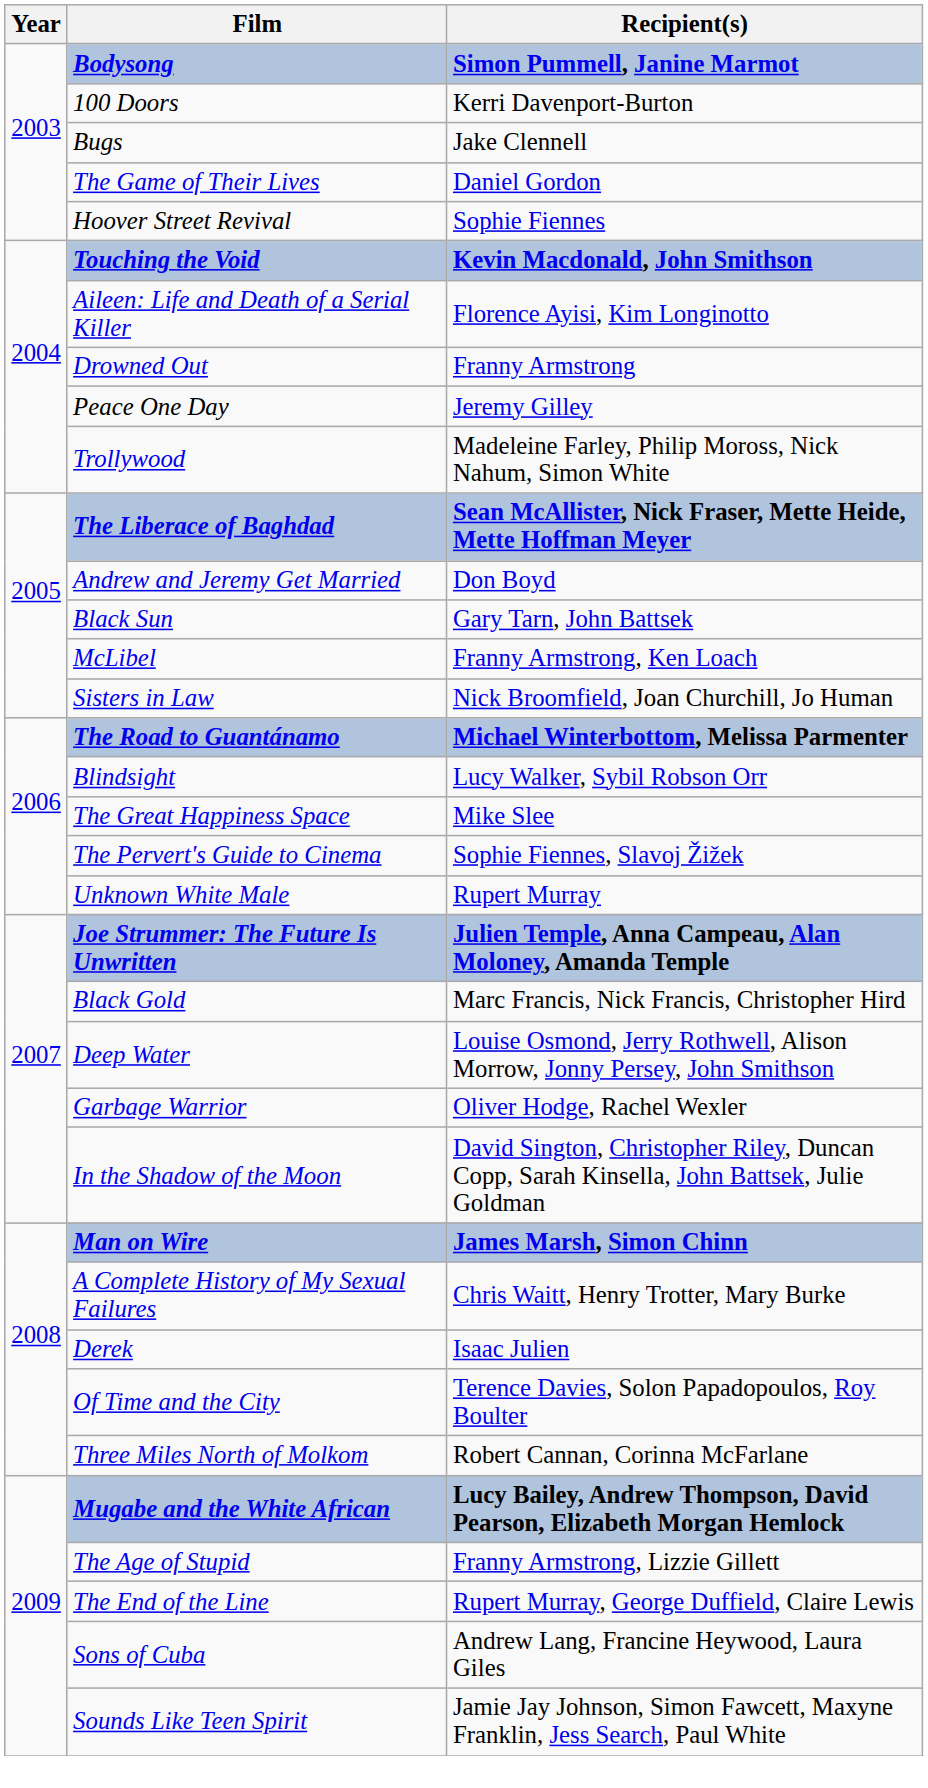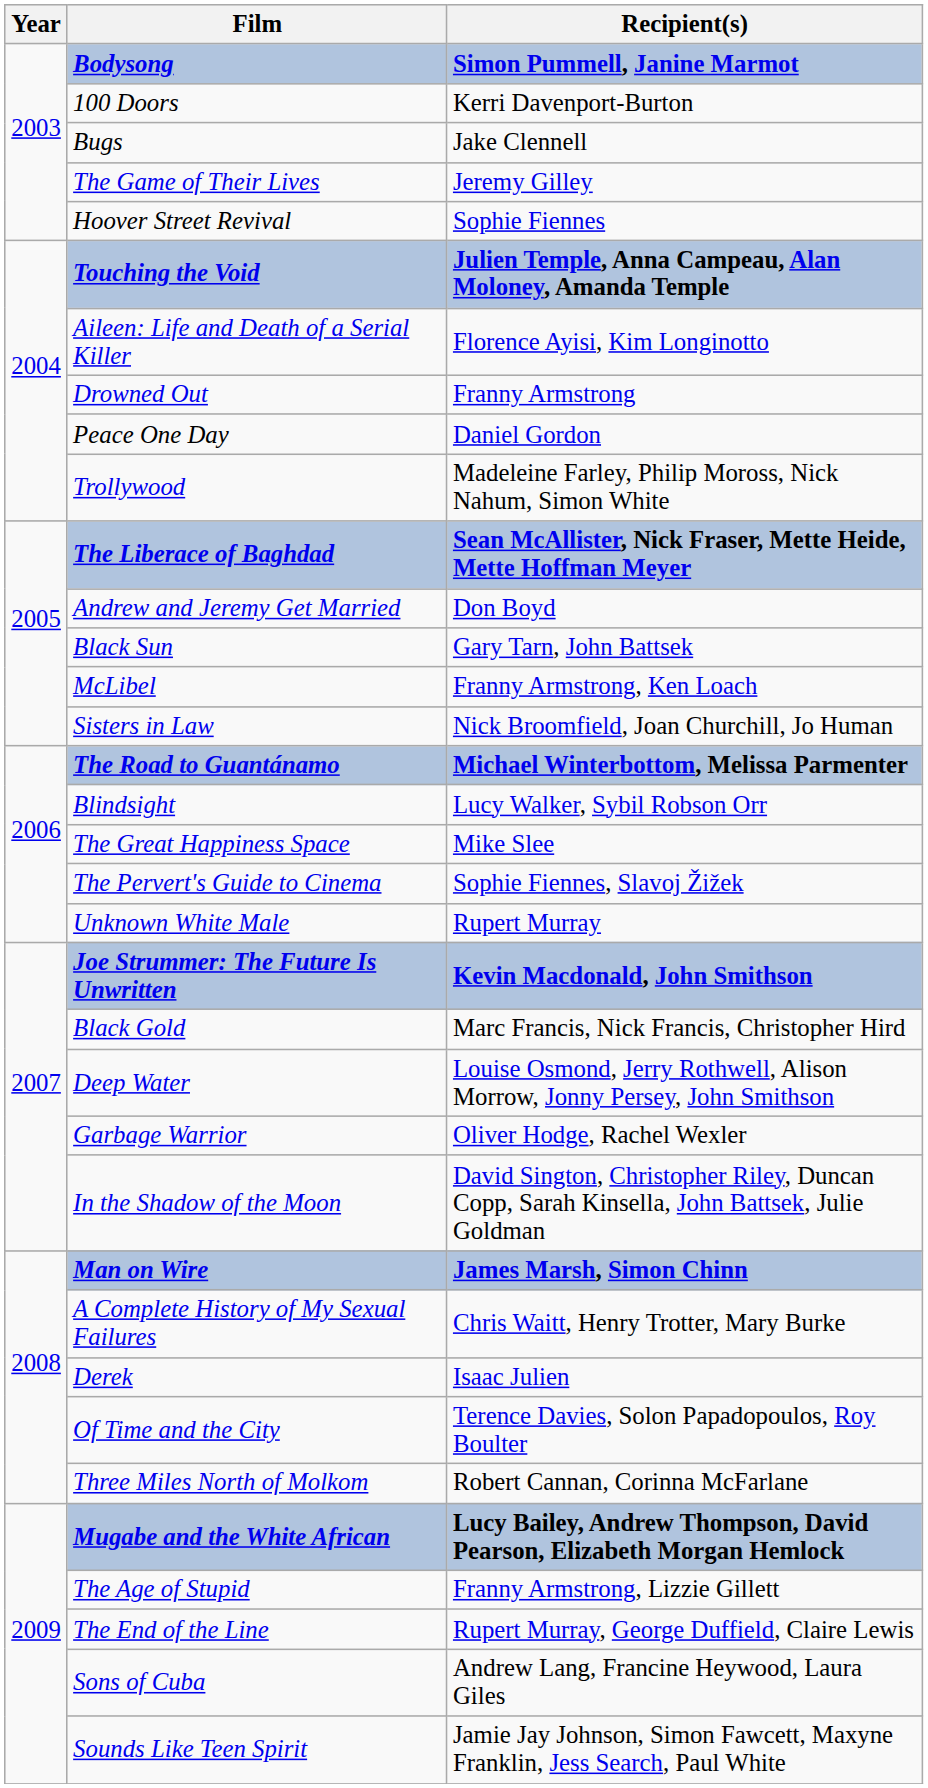 <table class="wikitable" width="95%" cellpadding="5">
 <tr>
 <th width="5%">Year</th>
 <th width="40%">Film</th>
 <th width="50%">Recipient(s)</th>
 </tr>
 <tr>
 <td rowspan="5" style="text-align:center;"><a href='#'>2003</a><br><br></td>
 <td style="background:#B0C4DE"><strong><em><a href='#'>Bodysong</a></em></strong></td>
 <td style="background:#B0C4DE"><strong><a href='#'>Simon Pummell</a>, <a href='#'>Janine Marmot</a></strong></td>
 </tr>
 <tr>
 <td><em>100 Doors</em></td>
 <td>Kerri Davenport-Burton</td>
 </tr>
 <tr>
 <td><em>Bugs</em></td>
 <td>Jake Clennell</td>
 </tr>
 <tr>
 <td><em><a href='#'>The Game of Their Lives</a></em></td>
-<td><a href='#'>Daniel Gordon</a></td>
+<td><a href='#'>Jeremy Gilley</a></td>
 </tr>
 <tr>
 <td><em>Hoover Street Revival</em></td>
 <td><a href='#'>Sophie Fiennes</a></td>
 </tr>
 <tr>
 <td rowspan="5" style="text-align:center;"><a href='#'>2004</a><br><br></td>
 <td style="background:#B0C4DE"><strong><em><a href='#'>Touching the Void</a></em></strong></td>
-<td style="background:#B0C4DE"><strong><a href='#'>Kevin Macdonald</a>, <a href='#'>John Smithson</a></strong></td>
+<td style="background:#B0C4DE"><strong><a href='#'>Julien Temple</a>, Anna Campeau, <a href='#'>Alan Moloney</a>, Amanda Temple</strong></td>
 </tr>
 <tr>
 <td><em><a href='#'>Aileen: Life and Death of a Serial Killer</a></em></td>
 <td><a href='#'>Florence Ayisi</a>, <a href='#'>Kim Longinotto</a></td>
 </tr>
 <tr>
 <td><em><a href='#'>Drowned Out</a></em></td>
 <td><a href='#'>Franny Armstrong</a></td>
 </tr>
 <tr>
 <td><em>Peace One Day</em></td>
-<td><a href='#'>Jeremy Gilley</a></td>
+<td><a href='#'>Daniel Gordon</a></td>
 </tr>
 <tr>
 <td><em><a href='#'>Trollywood</a></em></td>
 <td>Madeleine Farley, Philip Moross, Nick Nahum, Simon White</td>
 </tr>
 <tr>
 <td rowspan="5" style="text-align:center;"><a href='#'>2005</a><br><br></td>
 <td style="background:#B0C4DE"><strong><em><a href='#'>The Liberace of Baghdad</a></em></strong></td>
 <td style="background:#B0C4DE"><strong><a href='#'>Sean McAllister</a>, Nick Fraser, Mette Heide, <a href='#'>Mette Hoffman Meyer</a></strong></td>
 </tr>
 <tr>
 <td><em><a href='#'>Andrew and Jeremy Get Married</a></em></td>
 <td><a href='#'>Don Boyd</a></td>
 </tr>
 <tr>
 <td><em><a href='#'>Black Sun</a></em></td>
 <td><a href='#'>Gary Tarn</a>, <a href='#'>John Battsek</a></td>
 </tr>
 <tr>
 <td><em><a href='#'>McLibel</a></em></td>
 <td><a href='#'>Franny Armstrong</a>, <a href='#'>Ken Loach</a></td>
 </tr>
 <tr>
 <td><em><a href='#'>Sisters in Law</a></em></td>
 <td><a href='#'>Nick Broomfield</a>, Joan Churchill, Jo Human</td>
 </tr>
 <tr>
 <td rowspan="5" style="text-align:center;"><a href='#'>2006</a><br><br></td>
 <td style="background:#B0C4DE"><strong><em><a href='#'>The Road to Guantánamo</a></em></strong></td>
 <td style="background:#B0C4DE"><strong><a href='#'>Michael Winterbottom</a>, Melissa Parmenter</strong></td>
 </tr>
 <tr>
 <td><em><a href='#'>Blindsight</a></em></td>
 <td><a href='#'>Lucy Walker</a>, <a href='#'>Sybil Robson Orr</a></td>
 </tr>
 <tr>
 <td><em><a href='#'>The Great Happiness Space</a></em></td>
 <td><a href='#'>Mike Slee</a></td>
 </tr>
 <tr>
 <td><em><a href='#'>The Pervert's Guide to Cinema</a></em></td>
 <td><a href='#'>Sophie Fiennes</a>, <a href='#'>Slavoj Žižek</a></td>
 </tr>
 <tr>
 <td><em><a href='#'>Unknown White Male</a></em></td>
 <td><a href='#'>Rupert Murray</a></td>
 </tr>
 <tr>
 <td rowspan="5" style="text-align:center;"><a href='#'>2007</a><br><br></td>
 <td style="background:#B0C4DE"><strong><em><a href='#'>Joe Strummer: The Future Is Unwritten</a></em></strong></td>
-<td style="background:#B0C4DE"><strong><a href='#'>Julien Temple</a>, Anna Campeau, <a href='#'>Alan Moloney</a>, Amanda Temple</strong></td>
+<td style="background:#B0C4DE"><strong><a href='#'>Kevin Macdonald</a>, <a href='#'>John Smithson</a></strong></td>
 </tr>
 <tr>
 <td><em><a href='#'>Black Gold</a></em></td>
 <td>Marc Francis, Nick Francis, Christopher Hird</td>
 </tr>
 <tr>
 <td><em><a href='#'>Deep Water</a></em></td>
 <td><a href='#'>Louise Osmond</a>, <a href='#'>Jerry Rothwell</a>, Alison Morrow, <a href='#'>Jonny Persey</a>, <a href='#'>John Smithson</a></td>
 </tr>
 <tr>
 <td><em><a href='#'>Garbage Warrior</a></em></td>
 <td><a href='#'>Oliver Hodge</a>, Rachel Wexler</td>
 </tr>
 <tr>
 <td><em><a href='#'>In the Shadow of the Moon</a></em></td>
 <td><a href='#'>David Sington</a>, <a href='#'>Christopher Riley</a>, Duncan Copp, Sarah Kinsella, <a href='#'>John Battsek</a>, Julie Goldman</td>
 </tr>
 <tr>
 <td rowspan="5" style="text-align:center;"><a href='#'>2008</a><br><br></td>
 <td style="background:#B0C4DE"><strong><em><a href='#'>Man on Wire</a></em></strong></td>
 <td style="background:#B0C4DE"><strong><a href='#'>James Marsh</a>, <a href='#'>Simon Chinn</a></strong></td>
 </tr>
 <tr>
 <td><em><a href='#'>A Complete History of My Sexual Failures</a></em></td>
 <td><a href='#'>Chris Waitt</a>, Henry Trotter, Mary Burke</td>
 </tr>
 <tr>
 <td><em><a href='#'>Derek</a></em></td>
 <td><a href='#'>Isaac Julien</a></td>
 </tr>
 <tr>
 <td><em><a href='#'>Of Time and the City</a></em></td>
 <td><a href='#'>Terence Davies</a>, Solon Papadopoulos, <a href='#'>Roy Boulter</a></td>
 </tr>
 <tr>
 <td><em><a href='#'>Three Miles North of Molkom</a></em></td>
 <td>Robert Cannan, Corinna McFarlane</td>
 </tr>
 <tr>
 <td rowspan="5" style="text-align:center;"><a href='#'>2009</a><br><br></td>
 <td style="background:#B0C4DE"><strong><em><a href='#'>Mugabe and the White African</a></em></strong></td>
 <td style="background:#B0C4DE"><strong>Lucy Bailey, Andrew Thompson, David Pearson, Elizabeth Morgan Hemlock</strong></td>
 </tr>
 <tr>
 <td><em><a href='#'>The Age of Stupid</a></em></td>
 <td><a href='#'>Franny Armstrong</a>, Lizzie Gillett</td>
 </tr>
 <tr>
 <td><em><a href='#'>The End of the Line</a></em></td>
 <td><a href='#'>Rupert Murray</a>, <a href='#'>George Duffield</a>, Claire Lewis</td>
 </tr>
 <tr>
 <td><em><a href='#'>Sons of Cuba</a></em></td>
 <td>Andrew Lang, Francine Heywood, Laura Giles</td>
 </tr>
 <tr>
 <td><em><a href='#'>Sounds Like Teen Spirit</a></em></td>
 <td>Jamie Jay Johnson, Simon Fawcett, Maxyne Franklin, <a href='#'>Jess Search</a>, Paul White</td>
 </tr>
 <tr>
 </tr>
 </table>
